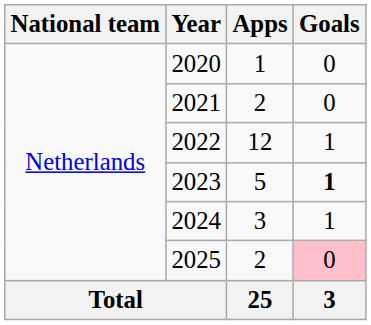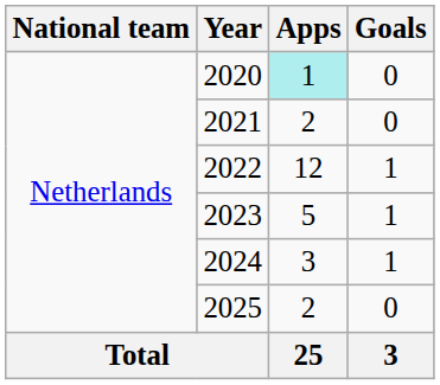 <table class="wikitable" style="text-align:center">
 <tr>
 <th>National team</th>
 <th>Year</th>
 <th>Apps</th>
 <th>Goals</th>
 </tr>
 <tr>
 <td rowspan="6"><a href='#'>Netherlands</a></td>
 <td>2020</td>
-<td>1</td>
+<td style="background: paleturquoise;">1</td>
 <td>0</td>
 </tr>
 <tr>
 <td>2021</td>
 <td>2</td>
 <td>0</td>
 </tr>
 <tr>
 <td>2022</td>
 <td>12</td>
 <td>1</td>
 </tr>
 <tr>
 <td>2023</td>
 <td>5</td>
-<td><strong>1</strong></td>
+<td>1</td>
 </tr>
 <tr>
 <td>2024</td>
 <td>3</td>
 <td>1</td>
 </tr>
 <tr>
 <td>2025</td>
 <td>2</td>
-<td style="background: pink;">0</td>
+<td>0</td>
 </tr>
 <tr>
 <th colspan="2">Total</th>
 <th>25</th>
 <th>3</th>
 </tr>
 </table>
